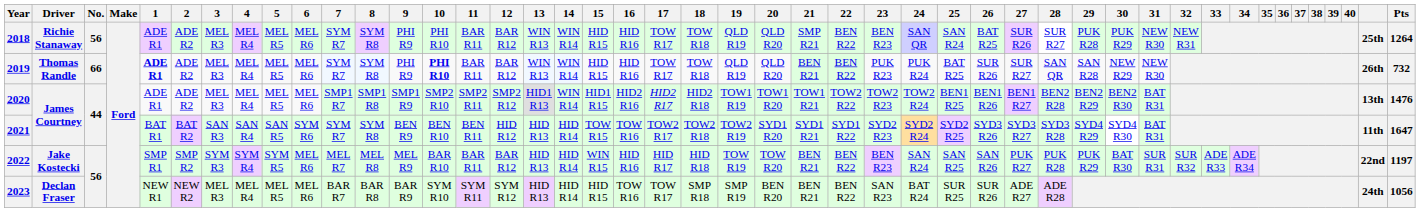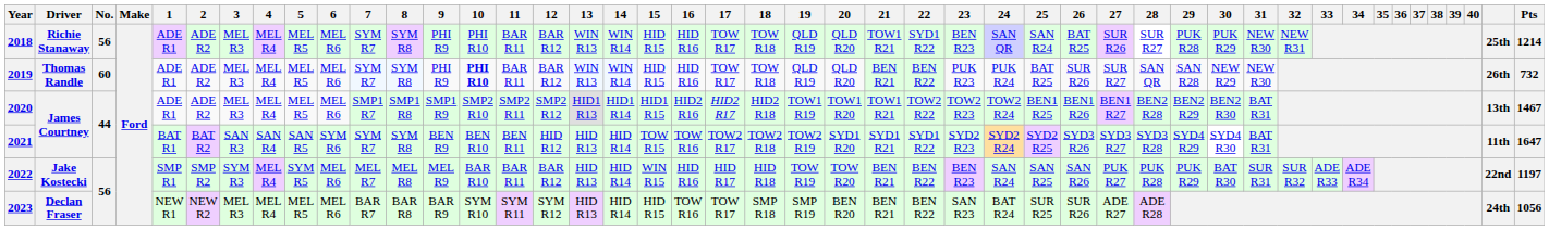 <table class="wikitable mw-collapsible mw-collapsed" style="text-align:center; ">
 <tr>
 <th>Year</th>
 <th>Driver</th>
 <th>No.</th>
 <th>Make</th>
 <th>1</th>
 <th>2</th>
 <th>3</th>
 <th>4</th>
 <th>5</th>
 <th>6</th>
 <th>7</th>
 <th>8</th>
 <th>9</th>
 <th>10</th>
 <th>11</th>
 <th>12</th>
 <th>13</th>
 <th>14</th>
 <th>15</th>
 <th>16</th>
 <th>17</th>
 <th>18</th>
 <th>19</th>
 <th>20</th>
 <th>21</th>
 <th>22</th>
 <th>23</th>
 <th>24</th>
 <th>25</th>
 <th>26</th>
 <th>27</th>
 <th>28</th>
 <th>29</th>
 <th>30</th>
 <th>31</th>
 <th>32</th>
 <th>33</th>
 <th>34</th>
 <th>35</th>
 <th>36</th>
 <th>37</th>
 <th>38</th>
 <th>39</th>
 <th>40</th>
 <th></th>
 <th>Pts</th>
 </tr>
 <tr>
 <th><a href='#'>2018</a></th>
 <th rowspan=1><a href='#'>Richie Stanaway</a></th>
 <th rowspan=1>56</th>
 <th rowspan=6><a href='#'>Ford</a></th>
 <td style="background: #efcfff"><a href='#'>ADE<br>R1</a><br></td>
 <td style="background: #dfffdf"><a href='#'>ADE<br>R2</a><br></td>
 <td style="background: #dfffdf"><a href='#'>MEL<br>R3</a><br></td>
 <td style="background: #efcfff"><a href='#'>MEL<br>R4</a><br></td>
 <td style="background: #dfffdf"><a href='#'>MEL<br>R5</a><br></td>
 <td style="background: #dfffdf"><a href='#'>MEL<br>R6</a><br></td>
 <td style="background: #dfffdf"><a href='#'>SYM<br>R7</a><br></td>
 <td style="background: #efcfff"><a href='#'>SYM<br>R8</a><br></td>
 <td style="background: #dfffdf"><a href='#'>PHI<br>R9</a><br></td>
 <td style="background: #dfffdf"><a href='#'>PHI<br>R10</a><br></td>
 <td style="background: #dfffdf"><a href='#'>BAR<br>R11</a><br></td>
 <td style="background: #dfffdf"><a href='#'>BAR<br>R12</a><br></td>
 <td style="background: #dfffdf"><a href='#'>WIN<br>R13</a><br></td>
 <td style="background: #dfffdf"><a href='#'>WIN<br>R14</a><br></td>
 <td style="background: #dfffdf"><a href='#'>HID<br>R15</a><br></td>
 <td style="background: #dfffdf"><a href='#'>HID<br>R16</a><br></td>
 <td style="background: #dfffdf"><a href='#'>TOW<br>R17</a><br></td>
 <td style="background: #dfffdf"><a href='#'>TOW<br>R18</a><br></td>
 <td style="background: #dfffdf"><a href='#'>QLD<br>R19</a><br></td>
 <td style="background: #dfffdf"><a href='#'>QLD<br>R20</a><br></td>
-<td style="background: #dfffdf"><a href='#'>SMP<br>R21</a><br></td>
-<td style="background: #dfffdf"><a href='#'>BEN<br>R22</a><br></td>
+<td style="background: #dfffdf"><a href='#'>TOW1<br>R21</a><br></td>
+<td style="background: #dfffdf"><a href='#'>SYD1<br>R22</a><br></td>
 <td style="background: #dfffdf"><a href='#'>BEN<br>R23</a><br></td>
 <td style="background: #cfcfff"><a href='#'>SAN<br>QR</a><br></td>
 <td style="background: #dfffdf"><a href='#'>SAN<br>R24</a><br></td>
 <td style="background: #dfffdf"><a href='#'>BAT<br>R25</a><br></td>
 <td style="background: #efcfff"><a href='#'>SUR<br>R26</a><br></td>
 <td style="background: #ffffff"><a href='#'>SUR<br>R27</a><br></td>
 <td style="background: #dfffdf"><a href='#'>PUK<br>R28</a><br></td>
 <td style="background: #dfffdf"><a href='#'>PUK<br>R29</a><br></td>
 <td style="background: #dfffdf"><a href='#'>NEW<br>R30</a><br></td>
 <td style="background: #dfffdf"><a href='#'>NEW<br>R31</a><br></td>
 <th colspan=8></th>
 <th>25th</th>
-<th>1264</th>
+<th>1214</th>
 </tr>
 <tr>
 <th><a href='#'>2019</a></th>
 <th rowspan=1><a href='#'>Thomas Randle</a></th>
-<th rowspan=1>66</th>
-<td><strong><a href='#'>ADE<br>R1</a></strong></td>
+<th rowspan=1>60</th>
+<td><a href='#'>ADE<br>R1</a></td>
 <td><a href='#'>ADE<br>R2</a></td>
 <td><a href='#'>MEL<br>R3</a></td>
 <td><a href='#'>MEL<br>R4</a></td>
 <td><a href='#'>MEL<br>R5</a></td>
 <td><a href='#'>MEL<br>R6</a></td>
 <td style="background: #f1f8ff"><a href='#'>SYM<br>R7</a><br></td>
 <td style="background: #f1f8ff"><a href='#'>SYM<br>R8</a><br></td>
 <td><a href='#'>PHI<br>R9</a></td>
 <td><strong><a href='#'>PHI<br>R10</a></strong></td>
 <td><a href='#'>BAR<br>R11</a></td>
 <td><a href='#'>BAR<br>R12</a></td>
 <td style="background: #f1f8ff"><a href='#'>WIN<br>R13</a><br></td>
 <td style="background: #f1f8ff"><a href='#'>WIN<br>R14</a><br></td>
 <td><a href='#'>HID<br>R15</a></td>
 <td><a href='#'>HID<br>R16</a></td>
 <td><a href='#'>TOW<br>R17</a></td>
 <td><a href='#'>TOW<br>R18</a></td>
 <td><a href='#'>QLD<br>R19</a></td>
 <td><a href='#'>QLD<br>R20</a></td>
 <td style="background: #dfffdf"><a href='#'>BEN<br>R21</a><br></td>
 <td style="background: #dfffdf"><a href='#'>BEN<br>R22</a><br></td>
 <td><a href='#'>PUK<br>R23</a></td>
 <td><a href='#'>PUK<br>R24</a></td>
 <td style="background: #"><a href='#'>BAT<br>R25</a><br></td>
 <td style="background: #"><a href='#'>SUR<br>R26</a><br></td>
 <td style="background: #"><a href='#'>SUR<br>R27</a><br></td>
 <td style="background: #"><a href='#'>SAN<br>QR</a><br></td>
 <td style="background: #"><a href='#'>SAN<br>R28</a><br></td>
 <td><a href='#'>NEW<br>R29</a></td>
 <td><a href='#'>NEW<br>R30</a></td>
 <th colspan=9></th>
 <th>26th</th>
 <th>732</th>
 </tr>
 <tr>
 <th><a href='#'>2020</a></th>
 <th rowspan=2><a href='#'>James Courtney</a></th>
 <th rowspan=2>44</th>
 <td style="background: #"><a href='#'>ADE<br>R1</a><br></td>
 <td style="background: #"><a href='#'>ADE<br>R2</a><br></td>
 <td style="background: #"><a href='#'>MEL<br>R3</a><br></td>
 <td style="background: #"><a href='#'>MEL<br>R4</a><br></td>
 <td style="background: #"><a href='#'>MEL<br>R5</a><br></td>
 <td style="background: #"><a href='#'>MEL<br>R6</a><br></td>
 <td style="background: #dfffdf"><a href='#'>SMP1<br>R7</a><br></td>
 <td style="background: #dfffdf"><a href='#'>SMP1<br>R8</a><br></td>
 <td style="background: #dfffdf"><a href='#'>SMP1<br>R9</a><br></td>
 <td style="background: #dfffdf"><a href='#'>SMP2<br>R10</a><br></td>
 <td style="background: #dfffdf"><a href='#'>SMP2<br>R11</a><br></td>
 <td style="background: #dfffdf"><a href='#'>SMP2<br>R12</a><br></td>
 <td style="background: #dfdfdf"><a href='#'>HID1<br>R13</a><br></td>
-<td style="background: #dfffdf"><a href='#'>WIN<br>R14</a><br></td>
+<td style="background: #dfffdf"><a href='#'>HID1<br>R14</a><br></td>
 <td style="background: #dfffdf"><a href='#'>HID1<br>R15</a><br></td>
 <td style="background: #dfffdf"><a href='#'>HID2<br>R16</a><br></td>
 <td style="background: #dfffdf"><em><a href='#'>HID2<br>R17</a><br></em></td>
 <td style="background: #dfffdf"><a href='#'>HID2<br>R18</a><br></td>
 <td style="background: #dfffdf"><a href='#'>TOW1<br>R19</a><br></td>
 <td style="background: #dfffdf"><a href='#'>TOW1<br>R20</a><br></td>
 <td style="background: #dfffdf"><a href='#'>TOW1<br>R21</a><br></td>
 <td style="background: #dfffdf"><a href='#'>TOW2<br>R22</a><br></td>
 <td style="background: #dfffdf"><a href='#'>TOW2<br>R23</a><br></td>
 <td style="background: #dfffdf"><a href='#'>TOW2<br>R24</a><br></td>
 <td style="background: #dfffdf"><a href='#'>BEN1<br>R25</a><br></td>
 <td style="background: #dfffdf"><a href='#'>BEN1<br>R26</a><br></td>
 <td style="background: #efcfff"><a href='#'>BEN1<br>R27</a><br></td>
 <td style="background: #dfffdf"><a href='#'>BEN2<br>R28</a><br></td>
 <td style="background: #dfffdf"><a href='#'>BEN2<br>R29</a><br></td>
 <td style="background: #dfffdf"><a href='#'>BEN2<br>R30</a><br></td>
 <td style="background: #dfffdf"><a href='#'>BAT<br>R31</a><br></td>
 <th colspan=9></th>
 <th>13th</th>
-<th>1476</th>
+<th>1467</th>
 </tr>
 <tr>
 <th><a href='#'>2021</a></th>
 <td style="background: #dfffdf"><a href='#'>BAT<br>R1</a><br></td>
 <td style="background: #efcfff"><a href='#'>BAT<br>R2</a><br></td>
 <td style="background: #dfffdf"><a href='#'>SAN<br>R3</a><br></td>
 <td style="background: #dfffdf"><a href='#'>SAN<br>R4</a><br></td>
 <td style="background: #dfffdf"><a href='#'>SAN<br>R5</a><br></td>
 <td style="background: #dfffdf"><a href='#'>SYM<br>R6</a><br></td>
 <td style="background: #dfffdf"><a href='#'>SYM<br>R7</a><br></td>
 <td style="background: #dfffdf"><a href='#'>SYM<br>R8</a><br></td>
 <td style="background: #dfffdf"><a href='#'>BEN<br>R9</a><br></td>
 <td style="background: #dfffdf"><a href='#'>BEN<br>R10</a><br></td>
 <td style="background: #dfffdf"><a href='#'>BEN<br>R11</a><br></td>
 <td style="background: #dfffdf"><a href='#'>HID<br>R12</a><br></td>
 <td style="background: #dfffdf"><a href='#'>HID<br>R13</a><br></td>
 <td style="background: #dfffdf"><a href='#'>HID<br>R14</a><br></td>
 <td style="background: #dfffdf"><a href='#'>TOW<br>R15</a><br></td>
 <td style="background: #dfffdf"><a href='#'>TOW<br>R16</a><br></td>
 <td style="background: #dfffdf"><a href='#'>TOW2<br>R17</a><br></td>
 <td style="background: #dfffdf"><a href='#'>TOW2<br>R18</a><br></td>
 <td style="background: #dfffdf"><a href='#'>TOW2<br>R19</a><br></td>
 <td style="background: #dfffdf"><a href='#'>SYD1<br>R20</a><br></td>
 <td style="background: #dfffdf"><a href='#'>SYD1<br>R21</a><br></td>
 <td style="background: #dfffdf"><a href='#'>SYD1<br>R22</a><br></td>
 <td style="background: #dfffdf"><a href='#'>SYD2<br>R23</a><br></td>
 <td style="background: #ffdf9f"><a href='#'>SYD2<br>R24</a><br></td>
 <td style="background: #efcfff"><a href='#'>SYD2<br>R25</a><br></td>
 <td style="background: #dfffdf"><a href='#'>SYD3<br>R26</a><br></td>
 <td style="background: #dfffdf"><a href='#'>SYD3<br>R27</a><br></td>
 <td style="background: #dfffdf"><a href='#'>SYD3<br>R28</a><br></td>
 <td style="background: #dfffdf"><a href='#'>SYD4<br>R29</a><br></td>
 <td style="background: #ffffff"><a href='#'>SYD4<br>R30</a><br></td>
 <td style="background: #dfffdf"><a href='#'>BAT<br>R31</a><br></td>
 <th colspan=9></th>
 <th>11th</th>
 <th>1647</th>
 </tr>
 <tr>
 <th><a href='#'>2022</a></th>
 <th rowspan=1><a href='#'>Jake Kostecki</a></th>
 <th rowspan=2>56</th>
 <td style="background: #dfffdf"><a href='#'>SMP<br>R1</a><br></td>
 <td style="background: #dfffdf"><a href='#'>SMP<br>R2</a><br></td>
 <td style="background: #dfffdf"><a href='#'>SYM<br>R3</a><br></td>
-<td style="background: #efcfff"><a href='#'>SYM<br>R4</a><br></td>
+<td style="background: #efcfff"><a href='#'>MEL<br>R4</a><br></td>
 <td style="background: #dfffdf"><a href='#'>SYM<br>R5</a><br></td>
 <td style="background: #dfffdf"><a href='#'>MEL<br>R6</a><br></td>
 <td style="background: #dfffdf"><a href='#'>MEL<br>R7</a><br></td>
 <td style="background: #dfffdf"><a href='#'>MEL<br>R8</a><br></td>
 <td style="background: #dfffdf"><a href='#'>MEL<br>R9</a><br></td>
 <td style="background: #dfffdf"><a href='#'>BAR<br>R10</a><br></td>
 <td style="background: #dfffdf"><a href='#'>BAR<br>R11</a><br></td>
 <td style="background: #dfffdf"><a href='#'>BAR<br>R12</a><br></td>
 <td style="background: #dfffdf"><a href='#'>HID<br>R13</a><br></td>
 <td style="background: #dfffdf"><a href='#'>HID<br>R14</a><br></td>
 <td style="background: #dfffdf"><a href='#'>WIN<br>R15</a><br></td>
 <td style="background: #dfffdf"><a href='#'>HID<br>R16</a><br></td>
 <td style="background: #dfffdf"><a href='#'>HID<br>R17</a><br></td>
 <td style="background: #dfffdf"><a href='#'>HID<br>R18</a><br></td>
 <td style="background: #dfffdf"><a href='#'>TOW<br>R19</a><br></td>
 <td style="background: #dfffdf"><a href='#'>TOW<br>R20</a><br></td>
 <td style="background: #dfffdf"><a href='#'>BEN<br>R21</a><br></td>
 <td style="background: #dfffdf"><a href='#'>BEN<br>R22</a><br></td>
 <td style="background: #efcfff"><a href='#'>BEN<br>R23</a><br></td>
 <td style="background: #dfffdf"><a href='#'>SAN<br>R24</a><br></td>
 <td style="background: #dfffdf"><a href='#'>SAN<br>R25</a><br></td>
 <td style="background: #dfffdf"><a href='#'>SAN<br>R26</a><br></td>
 <td style="background: #dfffdf"><a href='#'>PUK<br>R27</a><br></td>
 <td style="background: #dfffdf"><a href='#'>PUK<br>R28</a><br></td>
 <td style="background: #dfffdf"><a href='#'>PUK<br>R29</a><br></td>
 <td style="background: #dfffdf"><a href='#'>BAT<br>R30</a><br></td>
 <td style="background: #dfffdf"><a href='#'>SUR<br>R31</a><br></td>
 <td style="background: #dfffdf"><a href='#'>SUR<br>R32</a><br></td>
 <td style="background: #dfffdf"><a href='#'>ADE<br>R33</a><br></td>
 <td style="background: #efcfff"><a href='#'>ADE<br>R34</a><br></td>
 <th colspan=6></th>
 <th>22nd</th>
 <th>1197</th>
 </tr>
 <tr>
 <th><a href='#'>2023</a></th>
 <th rowspan=2><a href='#'>Declan Fraser</a></th>
 <td style=background:#dfffdf>NEW<br>R1<br></td>
 <td style=background:#efcfff>NEW<br>R2<br></td>
 <td style=background:#dfffdf>MEL<br>R3<br></td>
 <td style=background:#dfffdf>MEL<br>R4<br></td>
 <td style=background:#dfffdf>MEL<br>R5<br></td>
 <td style=background:#dfffdf>MEL<br>R6<br></td>
 <td style=background:#dfffdf>BAR<br>R7<br></td>
 <td style=background:#dfffdf>BAR<br>R8<br></td>
 <td style=background:#dfffdf>BAR<br>R9<br></td>
 <td style=background:#dfffdf>SYM<br>R10<br></td>
 <td style=background:#efcfff>SYM<br>R11<br></td>
 <td style=background:#dfffdf>SYM<br>R12<br></td>
 <td style=background:#efcfff>HID<br>R13<br></td>
 <td style=background:#dfffdf>HID<br>R14<br></td>
 <td style=background:#dfffdf>HID<br>R15<br></td>
 <td style=background:#dfffdf>TOW<br>R16<br></td>
 <td style=background:#dfffdf>TOW<br>R17<br></td>
 <td style=background:#dfffdf>SMP<br>R18<br></td>
 <td style=background:#dfffdf>SMP<br>R19<br></td>
 <td style=background:#dfffdf>BEN<br>R20<br></td>
 <td style=background:#dfffdf>BEN<br>R21<br></td>
 <td style=background:#dfffdf>BEN<br>R22<br></td>
 <td style=background:#dfffdf>SAN<br>R23<br></td>
 <td style=background:#dfffdf>BAT<br>R24<br></td>
 <td style=background:#dfffdf>SUR<br>R25<br></td>
 <td style=background:#dfffdf>SUR<br>R26<br></td>
 <td style=background:#dfffdf>ADE<br>R27<br></td>
 <td style=background:#efcfff>ADE<br>R28<br></td>
 <th colspan=12></th>
 <th style="background:">24th</th>
 <th style="background:">1056</th>
 </tr>
 </table>
